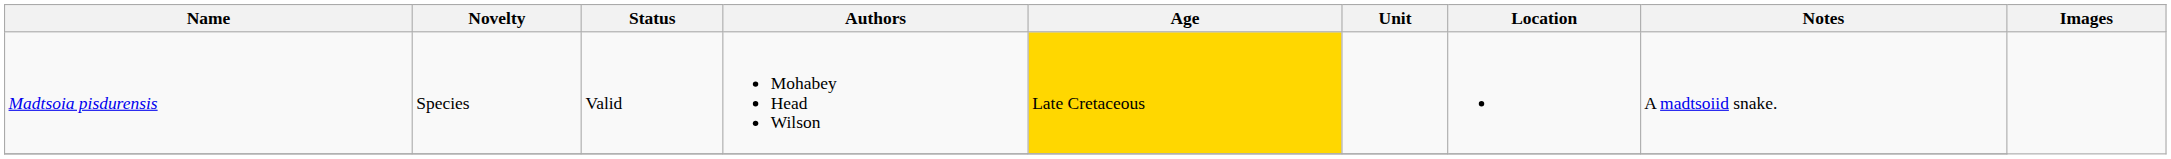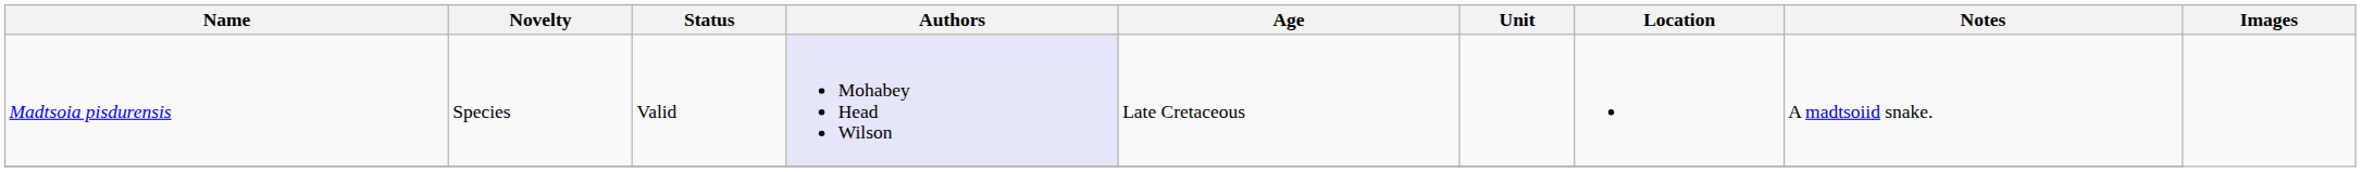 <table class="wikitable sortable" align="center" width="100%">
 <tr>
 <th>Name</th>
 <th>Novelty</th>
 <th>Status</th>
 <th>Authors</th>
 <th>Age</th>
 <th>Unit</th>
 <th>Location</th>
 <th>Notes</th>
 <th>Images</th>
 </tr>
 <tr>
 <td><br><em><a href='#'>Madtsoia pisdurensis</a></em></td>
 <td><br>Species</td>
 <td><br>Valid</td>
-<td><br><ul><li>Mohabey</li><li>Head</li><li>Wilson</li></ul></td>
-<td style="background: gold;"><br>Late Cretaceous</td>
+<td style="background: lavender;"><br><ul><li>Mohabey</li><li>Head</li><li>Wilson</li></ul></td>
+<td><br>Late Cretaceous</td>
 <td></td>
 <td><br><ul><li></li></ul></td>
 <td><br>A <a href='#'>madtsoiid</a> snake.</td>
 <td rowspan="47"></td>
 </tr>
 <tr>
 </tr>
 </table>
